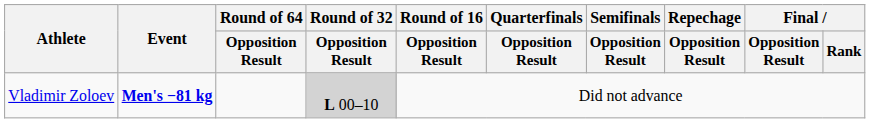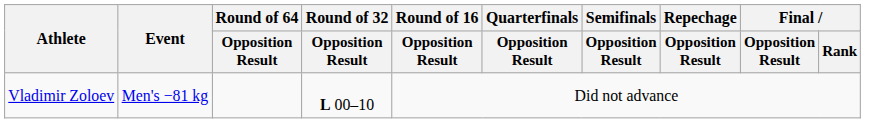 <table class="wikitable" style="font-size:90%">
 <tr>
 <th rowspan="2">Athlete</th>
 <th rowspan="2">Event</th>
 <th>Round of 64</th>
 <th>Round of 32</th>
 <th>Round of 16</th>
 <th>Quarterfinals</th>
 <th>Semifinals</th>
 <th>Repechage</th>
 <th colspan=2>Final / </th>
 </tr>
 <tr style="font-size:95%">
 <th>Opposition<br>Result</th>
 <th>Opposition<br>Result</th>
 <th>Opposition<br>Result</th>
 <th>Opposition<br>Result</th>
 <th>Opposition<br>Result</th>
 <th>Opposition<br>Result</th>
 <th>Opposition<br>Result</th>
 <th>Rank</th>
 </tr>
 <tr align=center>
 <td align=left><a href='#'>Vladimir Zoloev</a></td>
-<td align=left><strong><a href='#'>Men's −81 kg</a></strong></td>
+<td align=left><a href='#'>Men's −81 kg</a></td>
 <td></td>
-<td style="background: lightgrey;"><br><strong>L</strong> 00–10</td>
+<td><br><strong>L</strong> 00–10</td>
 <td colspan=6>Did not advance</td>
 </tr>
 </table>
